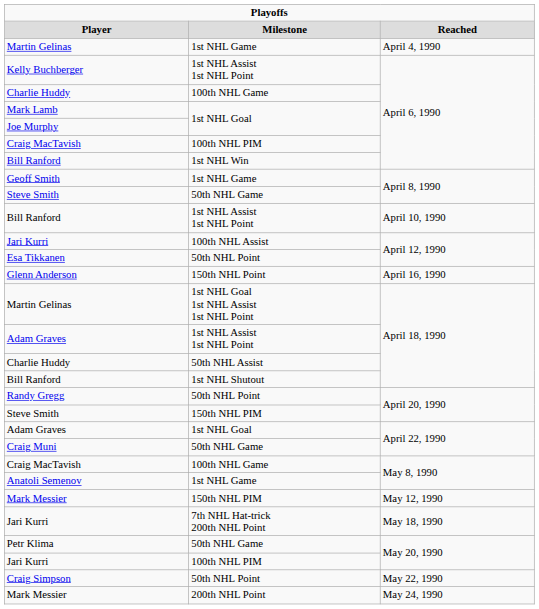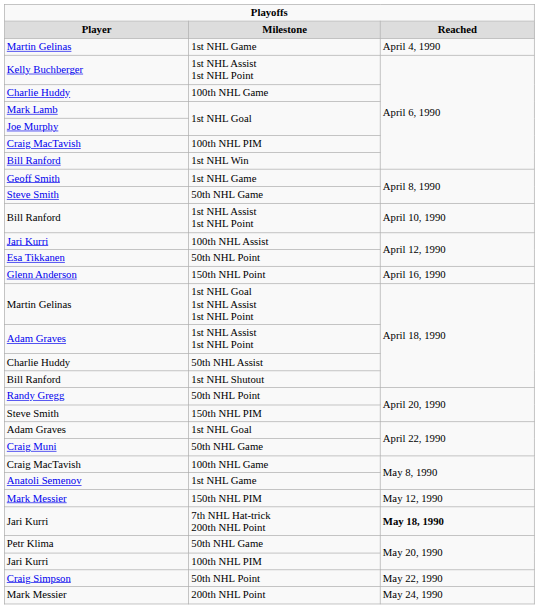 <table class="wikitable" style="width:50%;">
 <tr>
 <td colspan="10" style="text-align:center;"><strong>Playoffs</strong></td>
 </tr>
 <tr style="text-align:center; background:#ddd;">
 <td><strong>Player</strong></td>
 <td><strong>Milestone</strong></td>
 <td><strong>Reached</strong></td>
 </tr>
 <tr>
 <td><a href='#'>Martin Gelinas</a></td>
 <td>1st NHL Game</td>
 <td>April 4, 1990</td>
 </tr>
 <tr>
 <td><a href='#'>Kelly Buchberger</a></td>
 <td>1st NHL Assist<br>1st NHL Point</td>
 <td rowspan="6">April 6, 1990</td>
 </tr>
 <tr>
 <td><a href='#'>Charlie Huddy</a></td>
 <td>100th NHL Game</td>
 </tr>
 <tr>
 <td><a href='#'>Mark Lamb</a></td>
 <td rowspan="2">1st NHL Goal</td>
 </tr>
 <tr>
 <td><a href='#'>Joe Murphy</a></td>
 </tr>
 <tr>
 <td><a href='#'>Craig MacTavish</a></td>
 <td>100th NHL PIM</td>
 </tr>
 <tr>
 <td><a href='#'>Bill Ranford</a></td>
 <td>1st NHL Win</td>
 </tr>
 <tr>
 <td><a href='#'>Geoff Smith</a></td>
 <td>1st NHL Game</td>
 <td rowspan="2">April 8, 1990</td>
 </tr>
 <tr>
 <td><a href='#'>Steve Smith</a></td>
 <td>50th NHL Game</td>
 </tr>
 <tr>
 <td>Bill Ranford</td>
 <td>1st NHL Assist<br>1st NHL Point</td>
 <td>April 10, 1990</td>
 </tr>
 <tr>
 <td><a href='#'>Jari Kurri</a></td>
 <td>100th NHL Assist</td>
 <td rowspan="2">April 12, 1990</td>
 </tr>
 <tr>
 <td><a href='#'>Esa Tikkanen</a></td>
 <td>50th NHL Point</td>
 </tr>
 <tr>
 <td><a href='#'>Glenn Anderson</a></td>
 <td>150th NHL Point</td>
 <td>April 16, 1990</td>
 </tr>
 <tr>
 <td>Martin Gelinas</td>
 <td>1st NHL Goal<br>1st NHL Assist<br>1st NHL Point</td>
 <td rowspan="4">April 18, 1990</td>
 </tr>
 <tr>
 <td><a href='#'>Adam Graves</a></td>
 <td>1st NHL Assist<br>1st NHL Point</td>
 </tr>
 <tr>
 <td>Charlie Huddy</td>
 <td>50th NHL Assist</td>
 </tr>
 <tr>
 <td>Bill Ranford</td>
 <td>1st NHL Shutout</td>
 </tr>
 <tr>
 <td><a href='#'>Randy Gregg</a></td>
 <td>50th NHL Point</td>
 <td rowspan="2">April 20, 1990</td>
 </tr>
 <tr>
 <td>Steve Smith</td>
 <td>150th NHL PIM</td>
 </tr>
 <tr>
 <td>Adam Graves</td>
 <td>1st NHL Goal</td>
 <td rowspan="2">April 22, 1990</td>
 </tr>
 <tr>
 <td><a href='#'>Craig Muni</a></td>
 <td>50th NHL Game</td>
 </tr>
 <tr>
 <td>Craig MacTavish</td>
 <td>100th NHL Game</td>
 <td rowspan="2">May 8, 1990</td>
 </tr>
 <tr>
 <td><a href='#'>Anatoli Semenov</a></td>
 <td>1st NHL Game</td>
 </tr>
 <tr>
 <td><a href='#'>Mark Messier</a></td>
 <td>150th NHL PIM</td>
 <td>May 12, 1990</td>
 </tr>
 <tr>
 <td>Jari Kurri</td>
 <td>7th NHL Hat-trick<br>200th NHL Point</td>
-<td>May 18, 1990</td>
+<td><strong>May 18, 1990</strong></td>
 </tr>
 <tr>
 <td>Petr Klima</td>
 <td>50th NHL Game</td>
 <td rowspan="2">May 20, 1990</td>
 </tr>
 <tr>
 <td>Jari Kurri</td>
 <td>100th NHL PIM</td>
 </tr>
 <tr>
 <td><a href='#'>Craig Simpson</a></td>
 <td>50th NHL Point</td>
 <td>May 22, 1990</td>
 </tr>
 <tr>
 <td>Mark Messier</td>
 <td>200th NHL Point</td>
 <td>May 24, 1990</td>
 </tr>
 </table>
